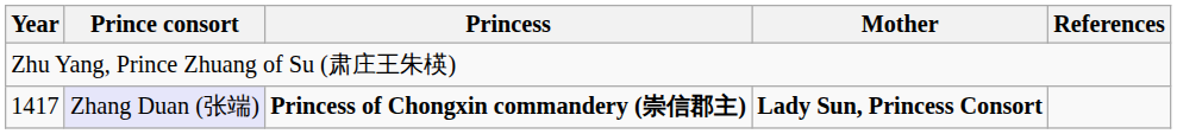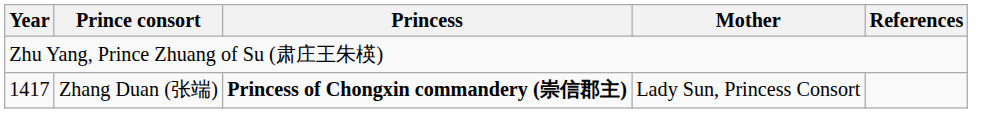 <table class="wikitable">
 <tr>
 <th>Year</th>
 <th>Prince consort</th>
 <th>Princess</th>
 <th>Mother</th>
 <th>References</th>
 </tr>
 <tr>
 <td colspan="5">Zhu Yang, Prince Zhuang of Su (肃庄王朱楧)</td>
 </tr>
 <tr>
 <td>1417</td>
-<td style="background: lavender;">Zhang Duan (张端)</td>
+<td>Zhang Duan (张端)</td>
 <td><strong>Princess of Chongxin commandery (崇信郡主)</strong></td>
-<td><strong>Lady Sun, Princess Consort</strong></td>
+<td>Lady Sun, Princess Consort</td>
 <td></td>
 </tr>
 </table>
